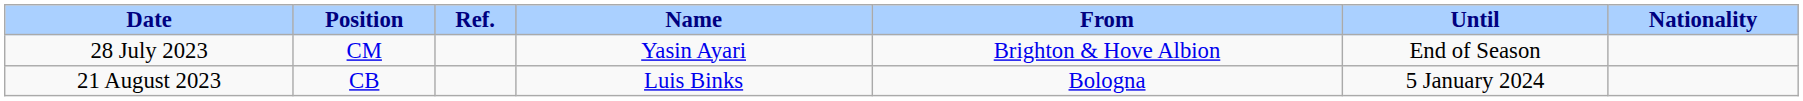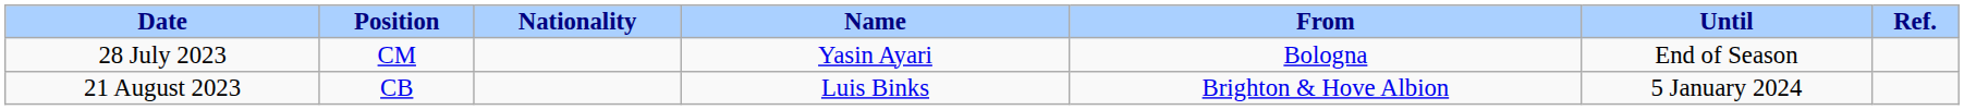 <table class="wikitable sortable alternance" style="font-size:100%; text-align:center; line-height:14px; width:100%;">
 <tr>
 <th style="background:#AAD0FF; color:#000080; width:120px;">Date</th>
 <th style="background:#AAD0FF; color:#000080; width:50px;">Position</th>
-<th style="background:#AAD0FF; color:#000080; width:25px;">Ref.</th>
+<th style="background:#AAD0FF; color:#000080; width:50px;">Nationality</th>
 <th style="background:#AAD0FF; color:#000080; width:150px;">Name</th>
 <th style="background:#AAD0FF; color:#000080; width:200px;">From</th>
 <th style="background:#AAD0FF; color:#000080; width:110px;">Until</th>
-<th style="background:#AAD0FF; color:#000080; width:50px;">Nationality</th>
+<th style="background:#AAD0FF; color:#000080; width:25px;">Ref.</th>
 </tr>
 <tr>
 <td>28 July 2023</td>
 <td><a href='#'>CM</a></td>
 <td></td>
 <td><a href='#'>Yasin Ayari</a></td>
-<td> <a href='#'>Brighton & Hove Albion</a></td>
+<td> <a href='#'>Bologna</a></td>
 <td>End of Season</td>
 <td></td>
 </tr>
 <tr>
 <td>21 August 2023</td>
 <td><a href='#'>CB</a></td>
 <td></td>
 <td><a href='#'>Luis Binks</a></td>
-<td> <a href='#'>Bologna</a></td>
+<td> <a href='#'>Brighton & Hove Albion</a></td>
 <td>5 January 2024</td>
 <td></td>
 </tr>
 </table>
